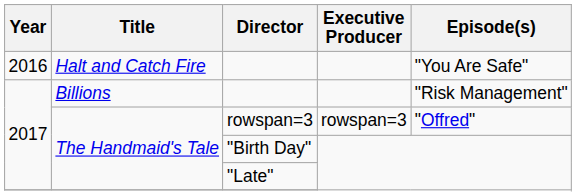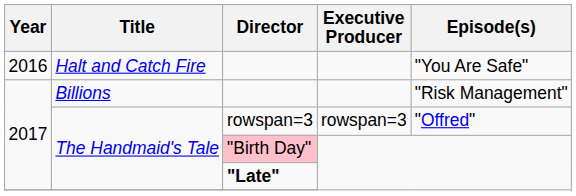 <table class="wikitable">
 <tr>
 <th>Year</th>
 <th>Title</th>
 <th>Director</th>
 <th>Executive<br>Producer</th>
 <th>Episode(s)</th>
 </tr>
 <tr>
 <td>2016</td>
 <td><em><a href='#'>Halt and Catch Fire</a></em></td>
 <td></td>
 <td></td>
 <td>"You Are Safe"</td>
 </tr>
 <tr>
 <td rowspan=4>2017</td>
 <td><em><a href='#'>Billions</a></em></td>
 <td></td>
 <td></td>
 <td>"Risk Management"</td>
 </tr>
 <tr>
 <td rowspan=3><em><a href='#'>The Handmaid's Tale</a></em></td>
 <td>rowspan=3 </td>
 <td>rowspan=3 </td>
 <td>"<a href='#'>Offred</a>"</td>
 </tr>
 <tr>
-<td>"Birth Day"</td>
+<td style="background: pink;">"Birth Day"</td>
 </tr>
 <tr>
-<td>"Late"</td>
+<td><strong>"Late"</strong></td>
 </tr>
 <tr>
 </tr>
 </table>
